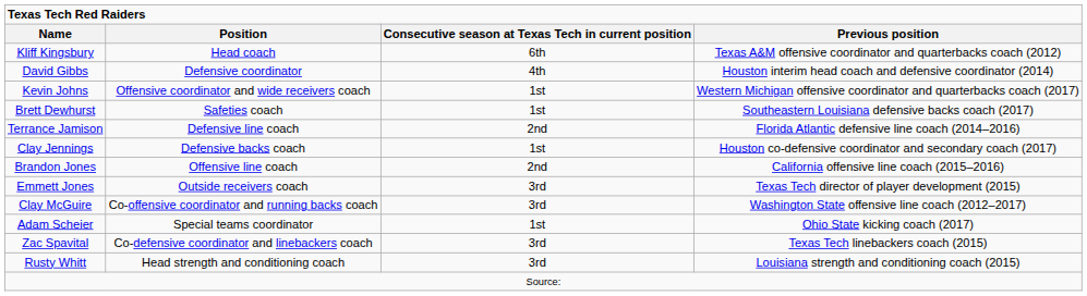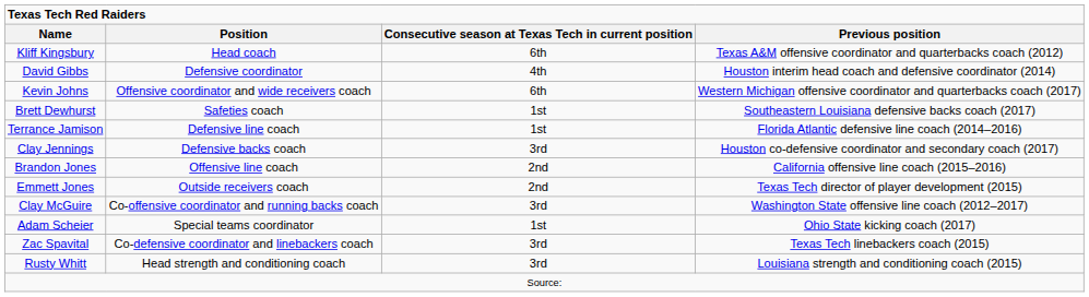 <table class="wikitable" style="font-size:90%;">
 <tr>
 <td colspan=5><strong>Texas Tech Red Raiders</strong></td>
 </tr>
 <tr align="center";>
 <th>Name</th>
 <th>Position</th>
 <th>Consecutive season at Texas Tech in current position</th>
 <th>Previous position</th>
 </tr>
 <tr align="center" ;>
 <td><a href='#'>Kliff Kingsbury</a></td>
 <td><a href='#'>Head coach</a></td>
 <td>6th</td>
 <td><a href='#'>Texas A&M</a> offensive coordinator and quarterbacks coach (2012)</td>
 </tr>
 <tr align="center" ;>
 <td><a href='#'>David Gibbs</a></td>
 <td><a href='#'>Defensive coordinator</a></td>
 <td>4th</td>
 <td><a href='#'>Houston</a> interim head coach and defensive coordinator (2014)</td>
 </tr>
 <tr align="center" ;>
 <td><a href='#'>Kevin Johns</a></td>
 <td><a href='#'>Offensive coordinator</a> and <a href='#'>wide receivers</a> coach</td>
-<td>1st</td>
+<td>6th</td>
 <td><a href='#'>Western Michigan</a> offensive coordinator and quarterbacks coach (2017)</td>
 </tr>
 <tr align="center" ;>
 <td><a href='#'>Brett Dewhurst</a></td>
 <td><a href='#'>Safeties</a> coach</td>
 <td>1st</td>
 <td><a href='#'>Southeastern Louisiana</a> defensive backs coach (2017)</td>
 </tr>
 <tr align="center" ;>
 <td><a href='#'>Terrance Jamison</a></td>
 <td><a href='#'>Defensive line</a> coach</td>
-<td>2nd</td>
+<td>1st</td>
 <td><a href='#'>Florida Atlantic</a> defensive line coach (2014–2016)</td>
 </tr>
 <tr align="center" ;>
 <td><a href='#'>Clay Jennings</a></td>
 <td><a href='#'>Defensive backs</a> coach</td>
-<td>1st</td>
+<td>3rd</td>
 <td><a href='#'>Houston</a> co-defensive coordinator and secondary coach (2017)</td>
 </tr>
 <tr align="center" ;>
 <td><a href='#'>Brandon Jones</a></td>
 <td><a href='#'>Offensive line</a> coach</td>
 <td>2nd</td>
 <td><a href='#'>California</a> offensive line coach (2015–2016)</td>
 </tr>
 <tr align="center" ;>
 <td><a href='#'>Emmett Jones</a></td>
 <td><a href='#'>Outside receivers</a> coach</td>
-<td>3rd</td>
+<td>2nd</td>
 <td><a href='#'>Texas Tech</a> director of player development (2015)</td>
 </tr>
 <tr align="center" ;>
 <td><a href='#'>Clay McGuire</a></td>
 <td>Co-<a href='#'>offensive coordinator</a> and <a href='#'>running backs</a> coach</td>
 <td>3rd</td>
 <td><a href='#'>Washington State</a> offensive line coach (2012–2017)</td>
 </tr>
 <tr align="center" ;>
 <td><a href='#'>Adam Scheier</a></td>
 <td>Special teams coordinator</td>
 <td>1st</td>
 <td><a href='#'>Ohio State</a> kicking coach (2017)</td>
 </tr>
 <tr align="center" ;>
 <td><a href='#'>Zac Spavital</a></td>
 <td>Co-<a href='#'>defensive coordinator</a> and <a href='#'>linebackers</a> coach</td>
 <td>3rd</td>
 <td><a href='#'>Texas Tech</a> linebackers coach (2015)</td>
 </tr>
 <tr align="center" ;>
 <td><a href='#'>Rusty Whitt</a></td>
 <td>Head strength and conditioning coach</td>
 <td>3rd</td>
 <td><a href='#'>Louisiana</a> strength and conditioning coach (2015)</td>
 </tr>
 <tr align="center" ;>
 <td colspan="4"><small>Source:</small></td>
 </tr>
 </table>
